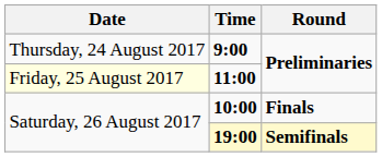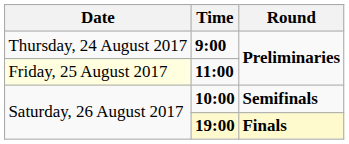 <table class="wikitable">
 <tr>
 <th>Date</th>
 <th>Time</th>
 <th>Round</th>
 </tr>
 <tr>
 <td>Thursday, 24 August 2017</td>
 <td><strong>9:00</strong></td>
 <td rowspan="2"><strong>Preliminaries</strong></td>
 </tr>
 <tr>
 <td style="background: lightyellow;">Friday, 25 August 2017</td>
 <td><strong>11:00</strong></td>
 </tr>
 <tr>
 <td rowspan="2">Saturday, 26 August 2017</td>
 <td><strong>10:00</strong></td>
-<td><strong>Finals</strong></td>
+<td><strong>Semifinals</strong></td>
 </tr>
 <tr style="background:lemonchiffon;">
 <td><strong>19:00</strong></td>
-<td><strong>Semifinals</strong></td>
+<td><strong>Finals</strong></td>
 </tr>
 </table>
